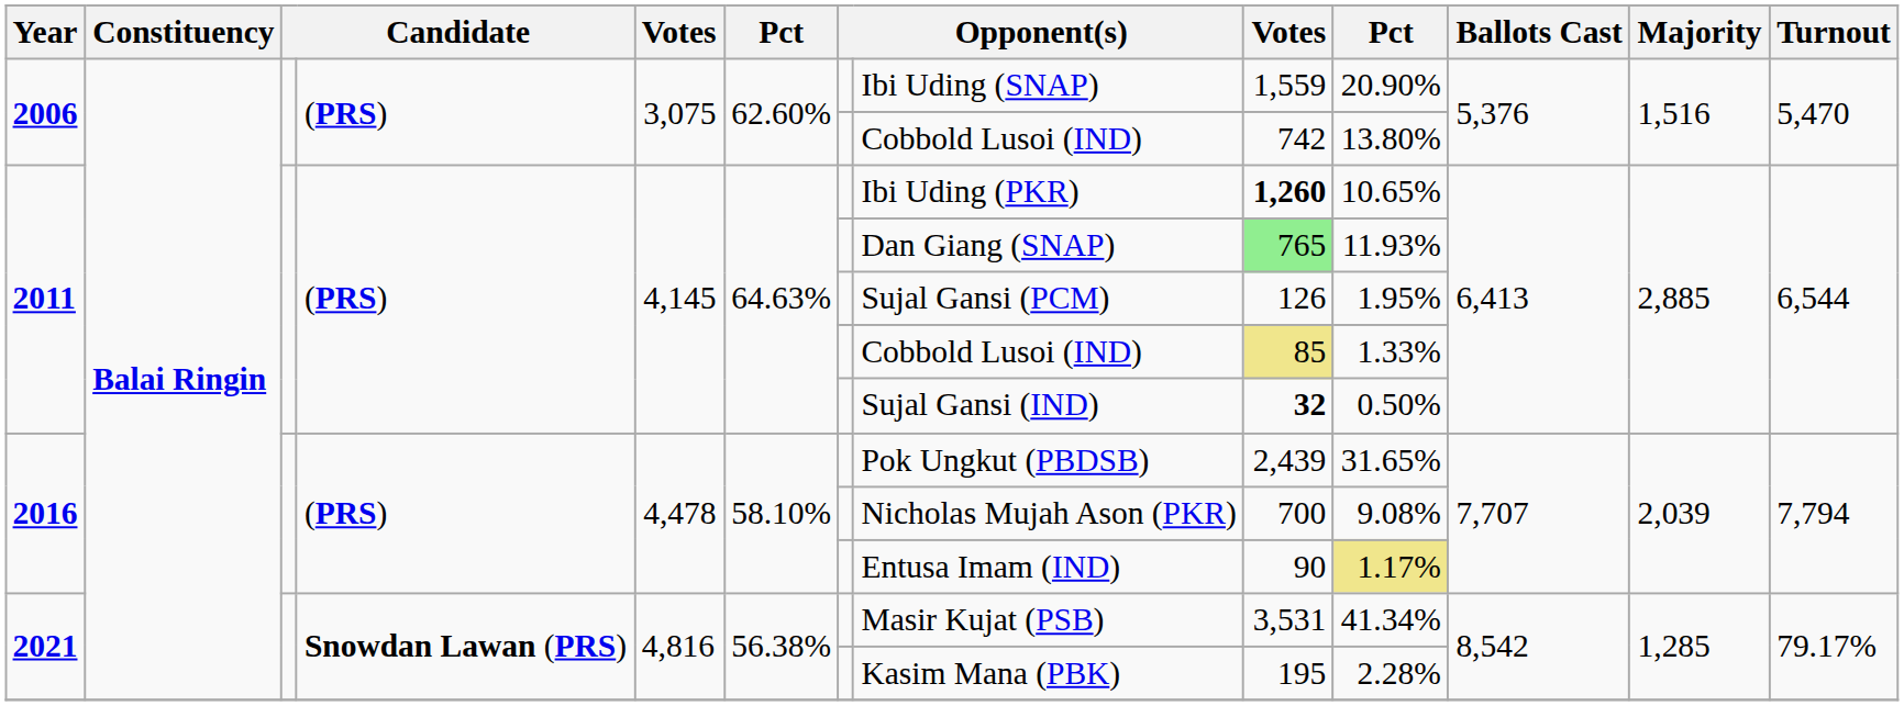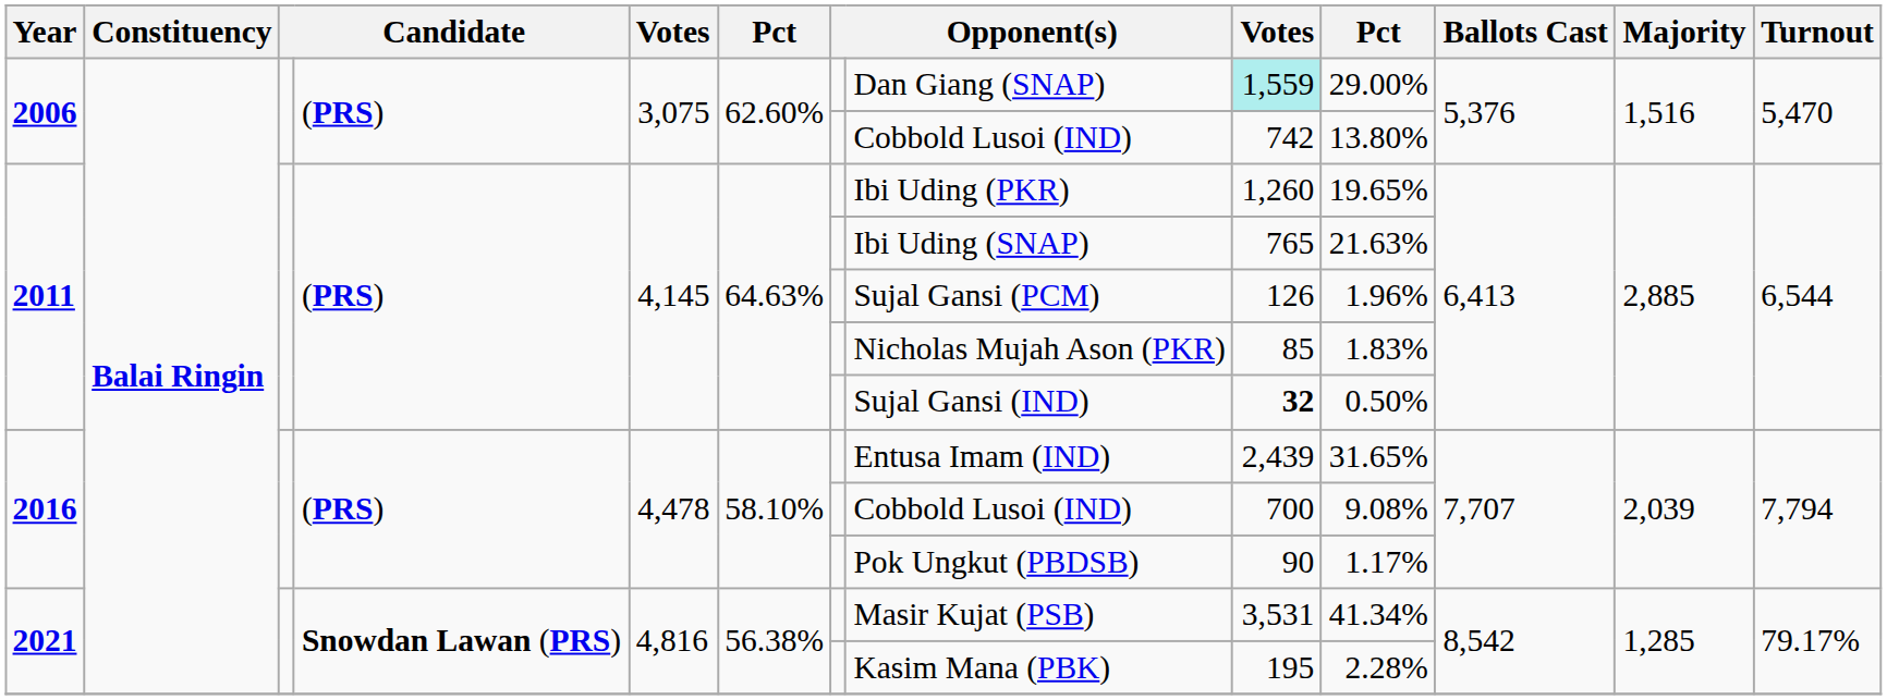 <table class="wikitable" style="margin:0.5em ; font-size:95%">
 <tr>
 <th>Year</th>
 <th>Constituency</th>
 <th colspan=2>Candidate</th>
 <th>Votes</th>
 <th>Pct</th>
 <th colspan=2>Opponent(s)</th>
 <th>Votes</th>
 <th>Pct</th>
 <th>Ballots Cast</th>
 <th>Majority</th>
 <th>Turnout</th>
 </tr>
 <tr>
 <td rowspan="2"><strong><a href='#'>2006</a></strong></td>
 <td rowspan="12"><strong><a href='#'>Balai Ringin</a></strong></td>
 <td rowspan="2" ></td>
 <td rowspan="2"> (<a href='#'><strong>PRS</strong></a>)</td>
 <td rowspan="2" style="text-align:right;">3,075</td>
 <td rowspan="2">62.60%</td>
 <td rowspan=1 ></td>
-<td>Ibi Uding (<a href='#'>SNAP</a>)</td>
-<td style="text-align:right;">1,559</td>
-<td>20.90%</td>
+<td>Dan Giang (<a href='#'>SNAP</a>)</td>
+<td style="background: paleturquoise; text-align:right;">1,559</td>
+<td>29.00%</td>
 <td rowspan="2">5,376</td>
 <td rowspan="2">1,516</td>
 <td rowspan="2">5,470</td>
 </tr>
 <tr>
 <td rowspan=1 ></td>
 <td>Cobbold Lusoi (<a href='#'>IND</a>)</td>
 <td style="text-align:right;">742</td>
 <td>13.80%</td>
 </tr>
 <tr>
 <td rowspan="5"><strong><a href='#'>2011</a></strong></td>
 <td rowspan="5" ></td>
 <td rowspan="5"> (<a href='#'><strong>PRS</strong></a>)</td>
 <td rowspan="5" style="text-align:right;">4,145</td>
 <td rowspan="5">64.63%</td>
 <td rowspan="1" ></td>
 <td>Ibi Uding (<a href='#'>PKR</a>)</td>
-<td style="text-align:right;"><strong>1,260</strong></td>
-<td style="text-align:right;">10.65%</td>
+<td style="text-align:right;">1,260</td>
+<td style="text-align:right;">19.65%</td>
 <td rowspan="5">6,413</td>
 <td rowspan="5">2,885</td>
 <td rowspan="5">6,544</td>
 </tr>
 <tr>
 <td rowspan=1 ></td>
-<td>Dan Giang (<a href='#'>SNAP</a>)</td>
-<td style="background: lightgreen; text-align:right;">765</td>
-<td style="text-align:right;">11.93%</td>
+<td>Ibi Uding (<a href='#'>SNAP</a>)</td>
+<td style="text-align:right;">765</td>
+<td style="text-align:right;">21.63%</td>
 </tr>
 <tr>
 <td rowspan=1 ></td>
 <td>Sujal Gansi (<a href='#'>PCM</a>)</td>
 <td style="text-align:right;">126</td>
-<td style="text-align:right;">1.95%</td>
+<td style="text-align:right;">1.96%</td>
 </tr>
 <tr>
 <td rowspan=1 ></td>
-<td>Cobbold Lusoi (<a href='#'>IND</a>)</td>
-<td style="background: khaki; text-align:right;">85</td>
-<td style="text-align:right;">1.33%</td>
+<td>Nicholas Mujah Ason (<a href='#'>PKR</a>)</td>
+<td style="text-align:right;">85</td>
+<td style="text-align:right;">1.83%</td>
 </tr>
 <tr>
 <td rowspan=1 ></td>
 <td>Sujal Gansi (<a href='#'>IND</a>)</td>
 <td style="text-align:right;"><strong>32</strong></td>
 <td style="text-align:right;">0.50%</td>
 </tr>
 <tr>
 <td rowspan="3"><strong><a href='#'>2016</a></strong></td>
 <td rowspan="3" ></td>
 <td rowspan="3"> (<a href='#'><strong>PRS</strong></a>)</td>
 <td rowspan="3" style="text-align:right;">4,478</td>
 <td rowspan="3" style="text-align:right;">58.10%</td>
 <td></td>
-<td>Pok Ungkut (<a href='#'>PBDSB</a>)</td>
+<td>Entusa Imam (<a href='#'>IND</a>)</td>
 <td style="text-align:right;">2,439</td>
 <td style="text-align:right;">31.65%</td>
 <td rowspan="3">7,707</td>
 <td rowspan="3">2,039</td>
 <td rowspan="3">7,794</td>
 </tr>
 <tr>
 <td rowspan="1" ></td>
-<td>Nicholas Mujah Ason (<a href='#'>PKR</a>)</td>
+<td>Cobbold Lusoi (<a href='#'>IND</a>)</td>
 <td style="text-align:right;">700</td>
 <td style="text-align:right;">9.08%</td>
 </tr>
 <tr>
 <td rowspan="1"></td>
-<td>Entusa Imam (<a href='#'>IND</a>)</td>
+<td>Pok Ungkut (<a href='#'>PBDSB</a>)</td>
 <td style="text-align:right;">90</td>
-<td style="background: khaki; text-align:right;">1.17%</td>
+<td style="text-align:right;">1.17%</td>
 </tr>
 <tr>
 <td rowspan="2"><a href='#'><strong>2021</strong></a></td>
 <td rowspan="2" ></td>
 <td rowspan="2"><strong>Snowdan Lawan</strong> (<a href='#'><strong>PRS</strong></a>)</td>
 <td rowspan="2">4,816</td>
 <td rowspan="2">56.38%</td>
 <td></td>
 <td>Masir Kujat (<a href='#'>PSB</a>)</td>
 <td style="text-align:right;">3,531</td>
 <td style="text-align:right;">41.34%</td>
 <td rowspan="2">8,542</td>
 <td rowspan="2">1,285</td>
 <td rowspan="2">79.17%</td>
 </tr>
 <tr>
 <td></td>
 <td>Kasim Mana (<a href='#'>PBK</a>)</td>
 <td style="text-align:right;">195</td>
 <td style="text-align:right;">2.28%</td>
 </tr>
 <tr>
 </tr>
 </table>
